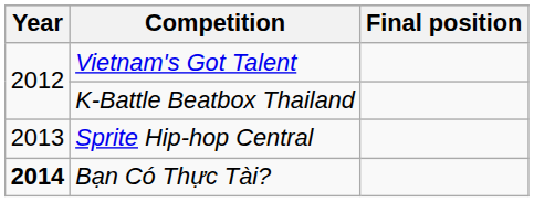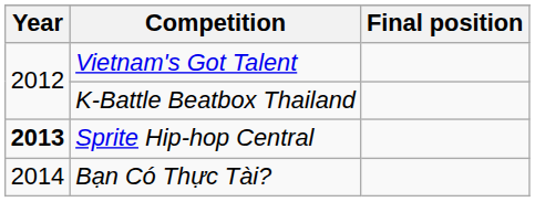 <table class="wikitable sortable">
 <tr>
 </tr>
 <tr>
 <th>Year</th>
 <th>Competition</th>
 <th>Final position</th>
 </tr>
 <tr>
 <td rowspan="2">2012</td>
 <td><em><a href='#'>Vietnam's Got Talent</a></em></td>
 <td></td>
 </tr>
 <tr>
 <td><em>K-Battle Beatbox Thailand</em></td>
 <td></td>
 </tr>
 <tr>
-<td>2013</td>
+<td><strong>2013</strong></td>
 <td><em><a href='#'>Sprite</a> Hip-hop Central</em></td>
 <td></td>
 </tr>
 <tr>
-<td><strong>2014</strong></td>
+<td>2014</td>
 <td><em>Bạn Có Thực Tài?</em></td>
 <td align="center"></td>
 </tr>
 </table>
